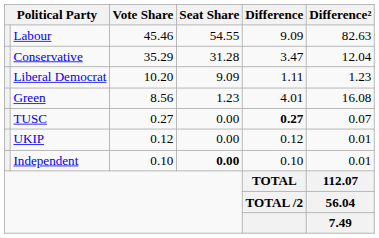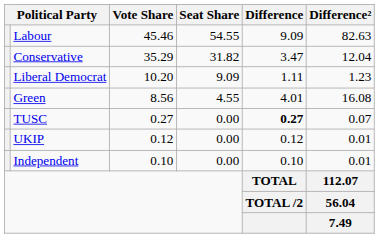 <table class="wikitable">
 <tr>
 <th colspan="2">Political Party</th>
 <th>Vote Share</th>
 <th>Seat Share</th>
 <th>Difference</th>
 <th>Difference²</th>
 </tr>
 <tr>
 <th style="color:inherit;background:"></th>
 <td><a href='#'>Labour</a></td>
 <td style="text-align:right; ">45.46</td>
 <td style="text-align:right; ">54.55</td>
 <td style="text-align:right; "><span>9.09</span></td>
 <td style="text-align:right; ">82.63</td>
 </tr>
 <tr>
 <th style="color:inherit;background:"></th>
 <td><a href='#'>Conservative</a></td>
 <td style="text-align:right; ">35.29</td>
-<td style="text-align:right; ">31.28</td>
+<td style="text-align:right; ">31.82</td>
 <td style="text-align:right; "><span>3.47</span></td>
 <td style="text-align:right; ">12.04</td>
 </tr>
 <tr>
 <th style="color:inherit;background:"></th>
 <td><a href='#'>Liberal Democrat</a></td>
 <td style="text-align:right; ">10.20</td>
 <td style="text-align:right; ">9.09</td>
 <td style="text-align:right; "><span>1.11</span></td>
 <td style="text-align:right; ">1.23</td>
 </tr>
 <tr>
 <th style="color:inherit;background:"></th>
 <td><a href='#'>Green</a></td>
 <td style="text-align:right; ">8.56</td>
-<td style="text-align:right; ">1.23</td>
+<td style="text-align:right; ">4.55</td>
 <td style="text-align:right; "><span>4.01</span></td>
 <td style="text-align:right; ">16.08</td>
 </tr>
 <tr>
 <th style="color:inherit;background:"></th>
 <td><a href='#'>TUSC</a></td>
 <td style="text-align:right; ">0.27</td>
 <td style="text-align:right; ">0.00</td>
 <td style="text-align:right; "><strong><span>0.27</span></strong></td>
 <td style="text-align:right; ">0.07</td>
 </tr>
 <tr>
 <th style="color:inherit;background:"></th>
 <td><a href='#'>UKIP</a></td>
 <td style="text-align:right; ">0.12</td>
 <td style="text-align:right; ">0.00</td>
 <td style="text-align:right; "><span>0.12</span></td>
 <td style="text-align:right; ">0.01</td>
 </tr>
 <tr>
 <th style="color:inherit;background:"></th>
 <td><a href='#'>Independent</a></td>
 <td style="text-align:right; ">0.10</td>
-<td style="text-align:right; "><strong>0.00</strong></td>
+<td style="text-align:right; ">0.00</td>
 <td style="text-align:right; "><span>0.10</span></td>
 <td style="text-align:right; ">0.01</td>
 </tr>
 <tr>
 <td colspan="4" rowspan="3"></td>
 <th>TOTAL</th>
 <th>112.07</th>
 </tr>
 <tr>
 <th>TOTAL /2</th>
 <th>56.04</th>
 </tr>
 <tr>
 <th></th>
 <th><strong>7.49</strong></th>
 </tr>
 </table>
